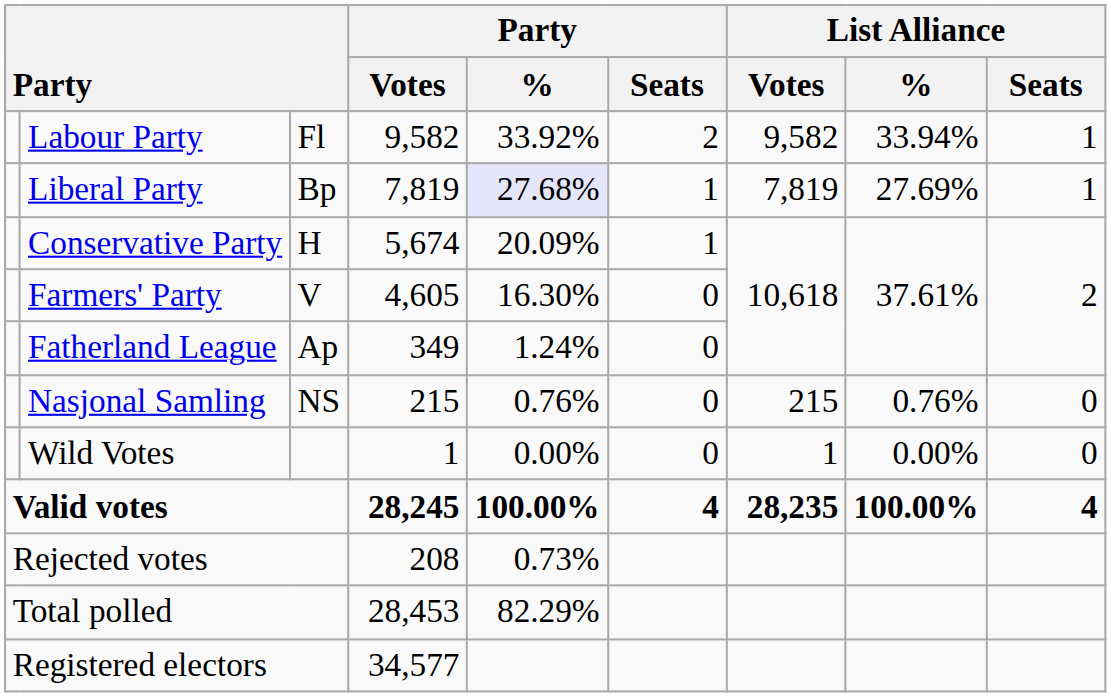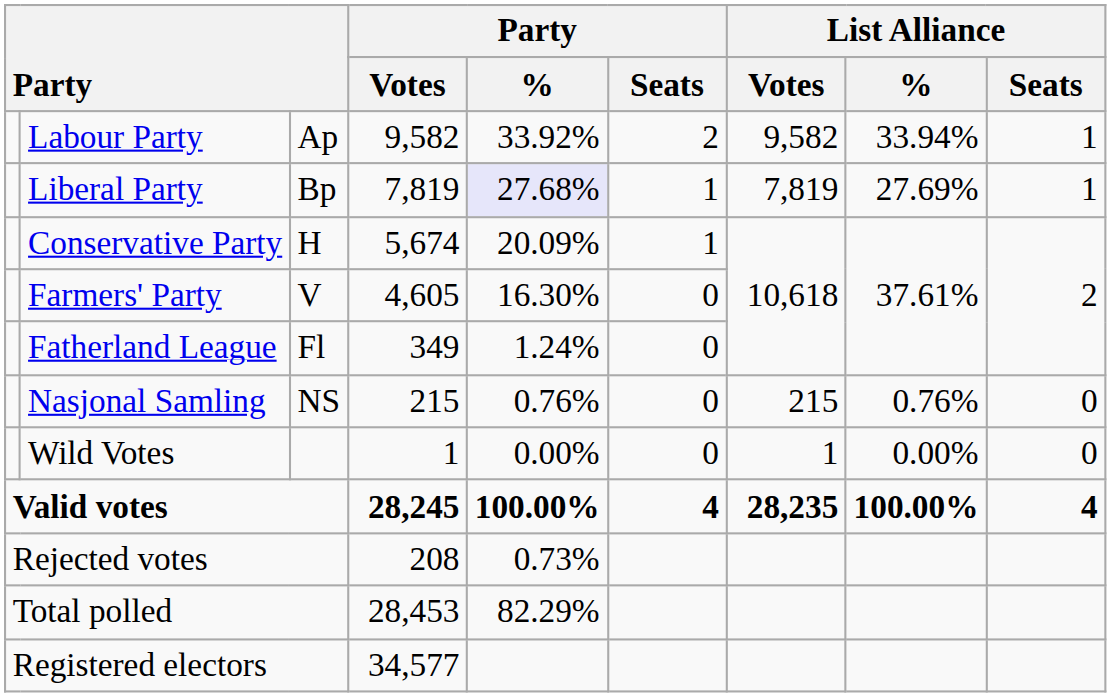 <table class="wikitable" border="1" style="text-align:right;">
 <tr>
 <th style="text-align:left;" valign=bottom rowspan=2 colspan=3>Party</th>
 <th colspan=3>Party</th>
 <th colspan=3>List Alliance</th>
 </tr>
 <tr>
 <th align=center valign=bottom width="50">Votes</th>
 <th align=center valign=bottom width="50">%</th>
 <th align=center valign=bottom width="50">Seats</th>
 <th align=center valign=bottom width="50">Votes</th>
 <th align=center valign=bottom width="50">%</th>
 <th align=center valign=bottom width="50">Seats</th>
 </tr>
 <tr>
 <td style="color:inherit;background:"></td>
 <td align=left><a href='#'>Labour Party</a></td>
-<td align=left>Fl</td>
+<td align=left>Ap</td>
 <td>9,582</td>
 <td>33.92%</td>
 <td>2</td>
 <td>9,582</td>
 <td>33.94%</td>
 <td>1</td>
 </tr>
 <tr>
 <td style="color:inherit;background:"></td>
 <td align=left><a href='#'>Liberal Party</a></td>
 <td align=left>Bp</td>
 <td>7,819</td>
 <td style="background: lavender;">27.68%</td>
 <td>1</td>
 <td>7,819</td>
 <td>27.69%</td>
 <td>1</td>
 </tr>
 <tr>
 <td style="color:inherit;background:"></td>
 <td align=left><a href='#'>Conservative Party</a></td>
 <td align=left>H</td>
 <td>5,674</td>
 <td>20.09%</td>
 <td>1</td>
 <td rowspan=3>10,618</td>
 <td rowspan=3>37.61%</td>
 <td rowspan=3>2</td>
 </tr>
 <tr>
 <td style="color:inherit;background:"></td>
 <td align=left><a href='#'>Farmers' Party</a></td>
 <td align=left>V</td>
 <td>4,605</td>
 <td>16.30%</td>
 <td>0</td>
 </tr>
 <tr>
 <td style="color:inherit;background:"></td>
 <td align=left><a href='#'>Fatherland League</a></td>
-<td align=left>Ap</td>
+<td align=left>Fl</td>
 <td>349</td>
 <td>1.24%</td>
 <td>0</td>
 </tr>
 <tr>
 <td style="color:inherit;background:"></td>
 <td align=left><a href='#'>Nasjonal Samling</a></td>
 <td align=left>NS</td>
 <td>215</td>
 <td>0.76%</td>
 <td>0</td>
 <td>215</td>
 <td>0.76%</td>
 <td>0</td>
 </tr>
 <tr>
 <td></td>
 <td align=left>Wild Votes</td>
 <td align=left></td>
 <td>1</td>
 <td>0.00%</td>
 <td>0</td>
 <td>1</td>
 <td>0.00%</td>
 <td>0</td>
 </tr>
 <tr style="font-weight:bold">
 <td align=left colspan=3>Valid votes</td>
 <td>28,245</td>
 <td>100.00%</td>
 <td>4</td>
 <td>28,235</td>
 <td>100.00%</td>
 <td>4</td>
 </tr>
 <tr>
 <td align=left colspan=3>Rejected votes</td>
 <td>208</td>
 <td>0.73%</td>
 <td></td>
 <td></td>
 <td></td>
 <td></td>
 </tr>
 <tr>
 <td align=left colspan=3>Total polled</td>
 <td>28,453</td>
 <td>82.29%</td>
 <td></td>
 <td></td>
 <td></td>
 <td></td>
 </tr>
 <tr>
 <td align=left colspan=3>Registered electors</td>
 <td>34,577</td>
 <td></td>
 <td></td>
 <td></td>
 <td></td>
 <td></td>
 </tr>
 </table>
